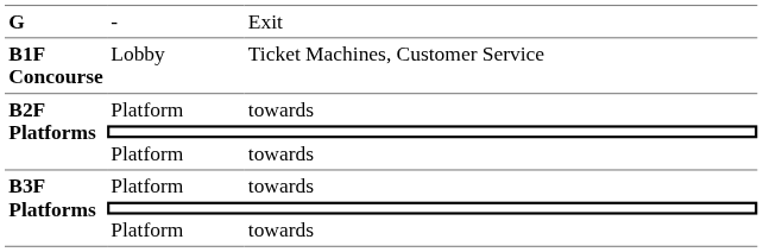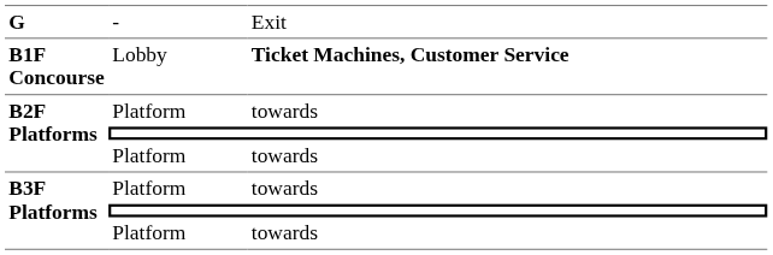 <table table border=0 cellspacing=0 cellpadding=3>
 <tr>
 <td style="border-top:solid 1px gray;" width=50 valign=top><strong>G</strong></td>
 <td style="border-top:solid 1px gray;" width=100 valign=top>-</td>
 <td style="border-top:solid 1px gray;" width=390 valign=top>Exit</td>
 </tr>
 <tr>
 <td style="border-bottom:solid 1px gray; border-top:solid 1px gray;" valign=top width=50><strong>B1F<br>Concourse</strong></td>
 <td style="border-bottom:solid 1px gray; border-top:solid 1px gray;" valign=top width=100>Lobby</td>
-<td style="border-bottom:solid 1px gray; border-top:solid 1px gray;" valign=top width=390>Ticket Machines, Customer Service</td>
+<td style="border-bottom:solid 1px gray; border-top:solid 1px gray;" valign=top width=390><strong>Ticket Machines, Customer Service</strong></td>
 </tr>
 <tr>
 <td style="border-bottom:solid 1px gray;" rowspan="3" valign=top><strong>B2F<br> Platforms</strong></td>
 <td>Platform</td>
 <td>  towards  </td>
 </tr>
 <tr>
 <td style="border-right:solid 2px black;border-left:solid 2px black;border-top:solid 2px black;border-bottom:solid 2px black;text-align:center;" colspan=2></td>
 </tr>
 <tr>
 <td style="border-bottom:solid 1px gray;">Platform</td>
 <td style="border-bottom:solid 1px gray;">  towards   </td>
 </tr>
 <tr>
 <td style="border-bottom:solid 1px gray;" rowspan="3" valign=top><strong>B3F<br> Platforms</strong></td>
 <td>Platform </td>
 <td>  towards  </td>
 </tr>
 <tr>
 <td style="border-right:solid 2px black;border-left:solid 2px black;border-top:solid 2px black;border-bottom:solid 2px black;text-align:center;" colspan=2></td>
 </tr>
 <tr>
 <td style="border-bottom:solid 1px gray;">Platform </td>
 <td style="border-bottom:solid 1px gray;">  towards   </td>
 </tr>
 </table>
